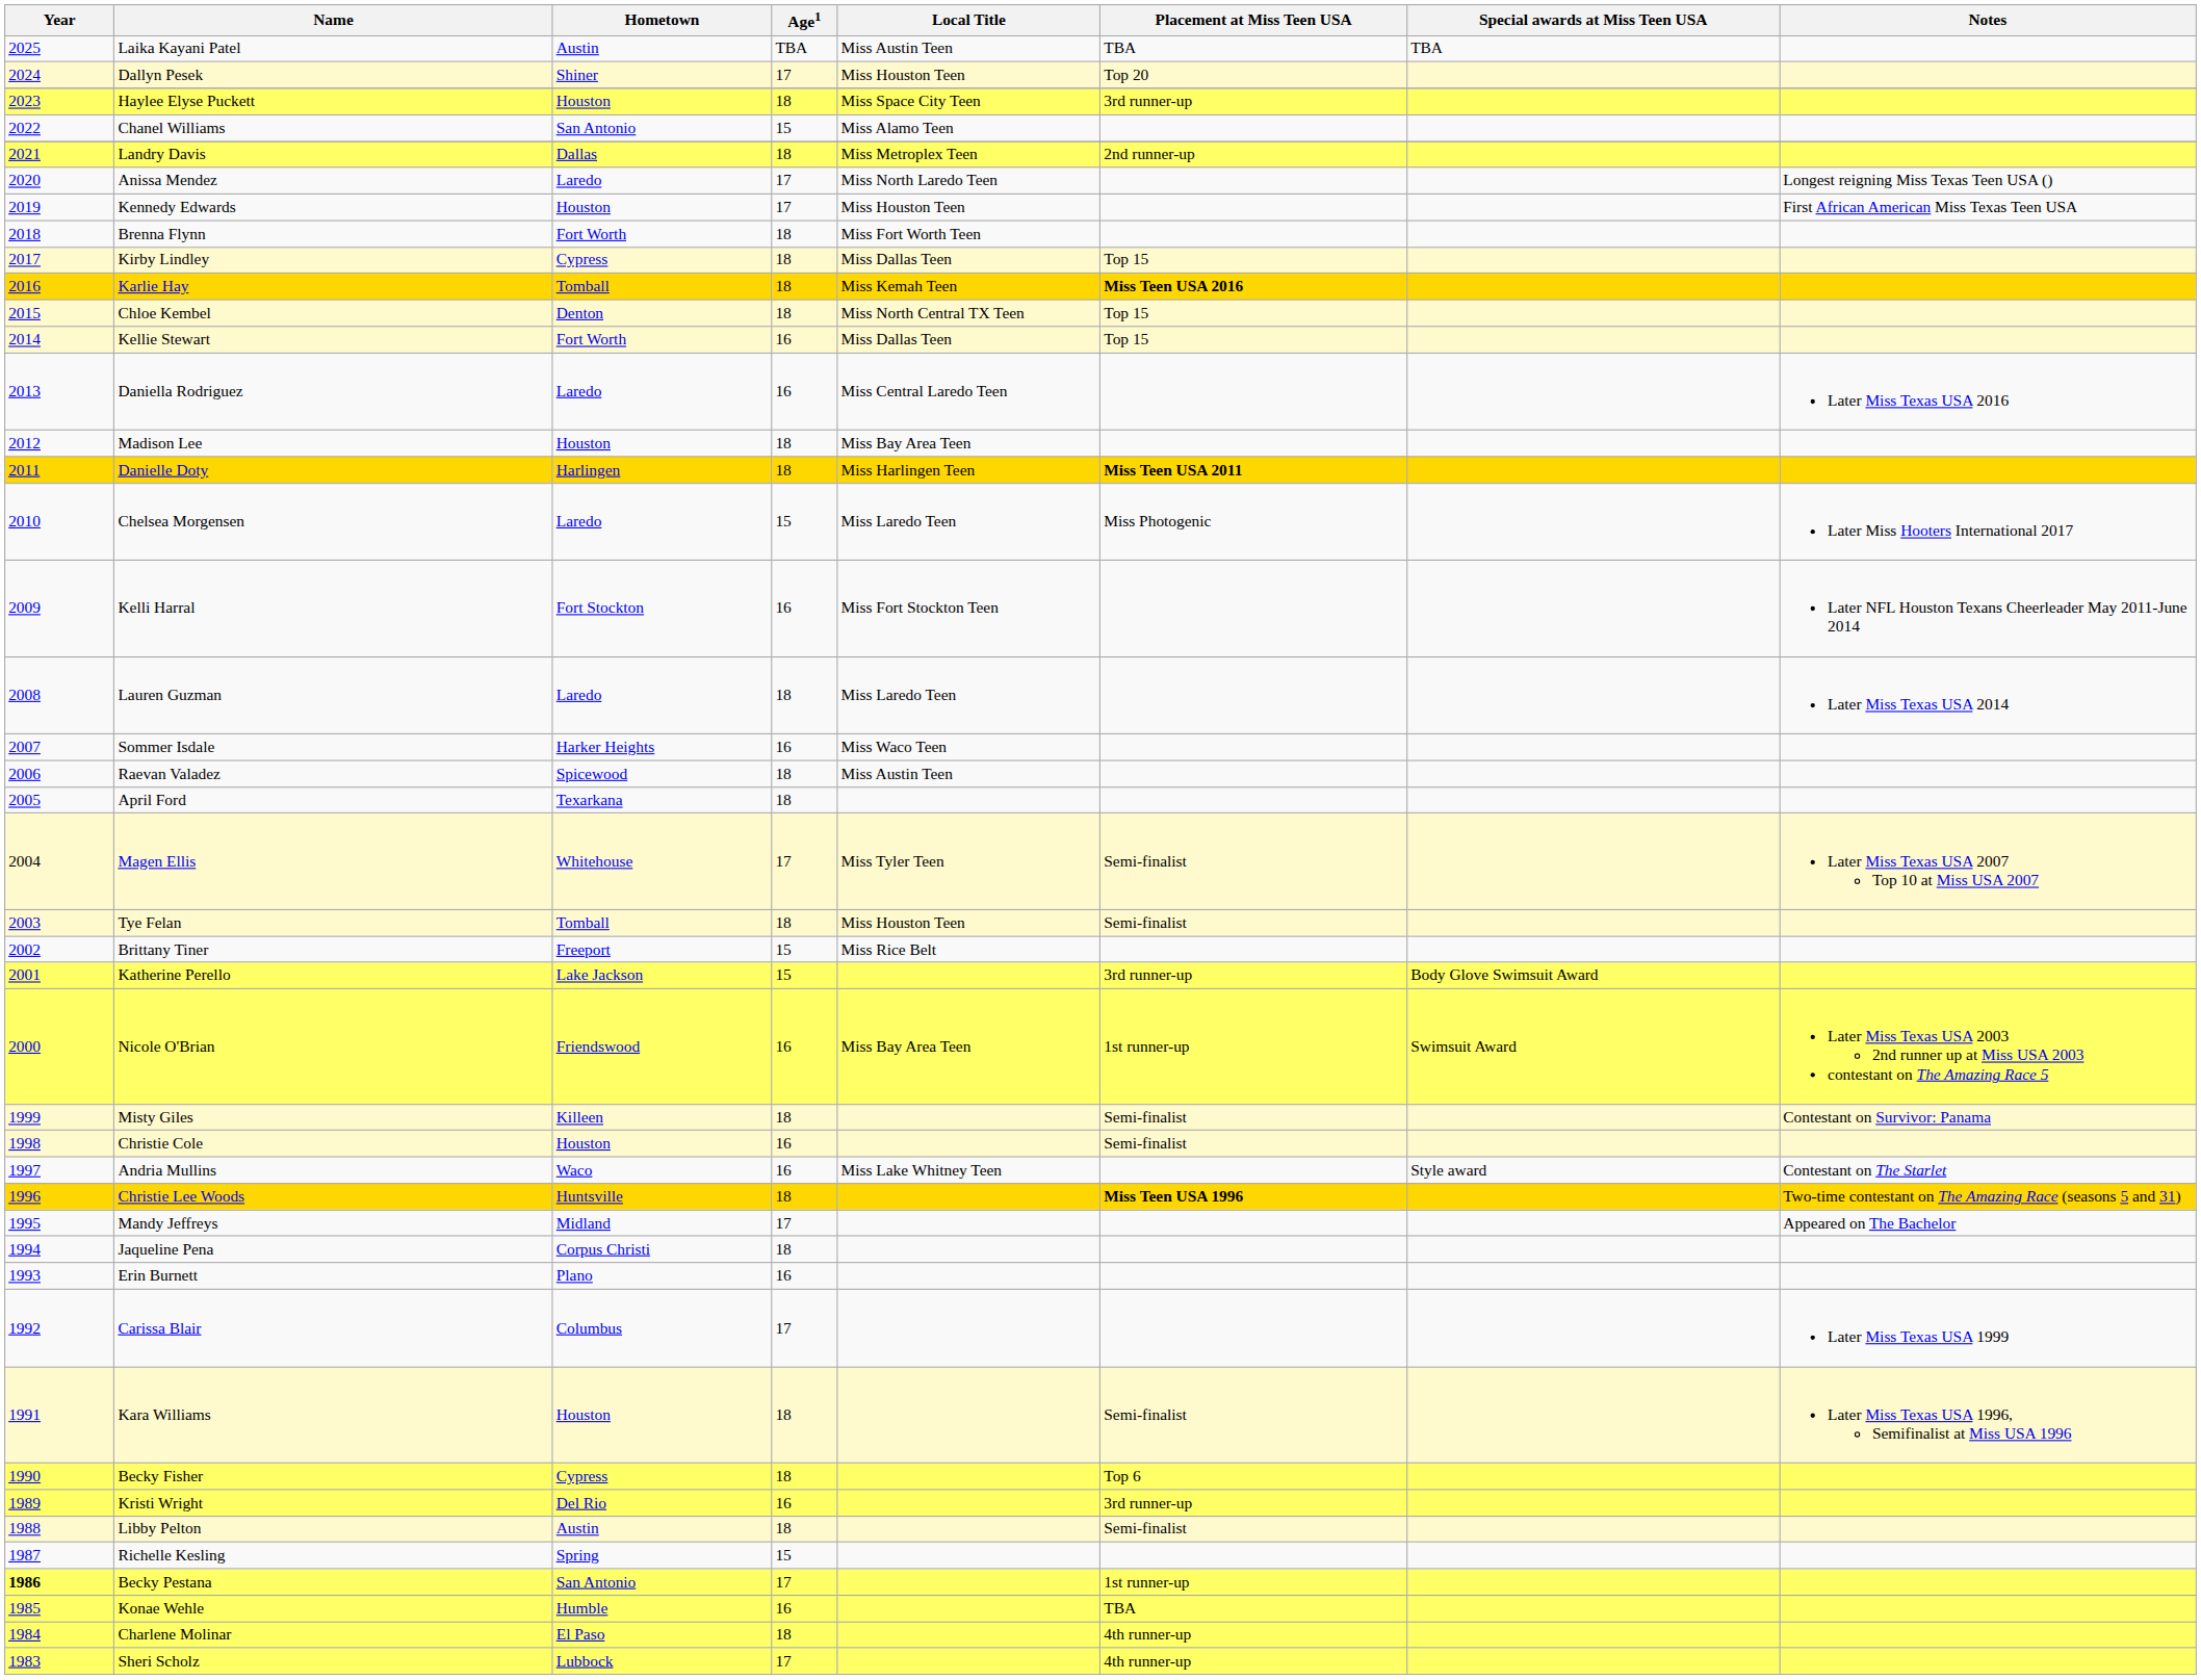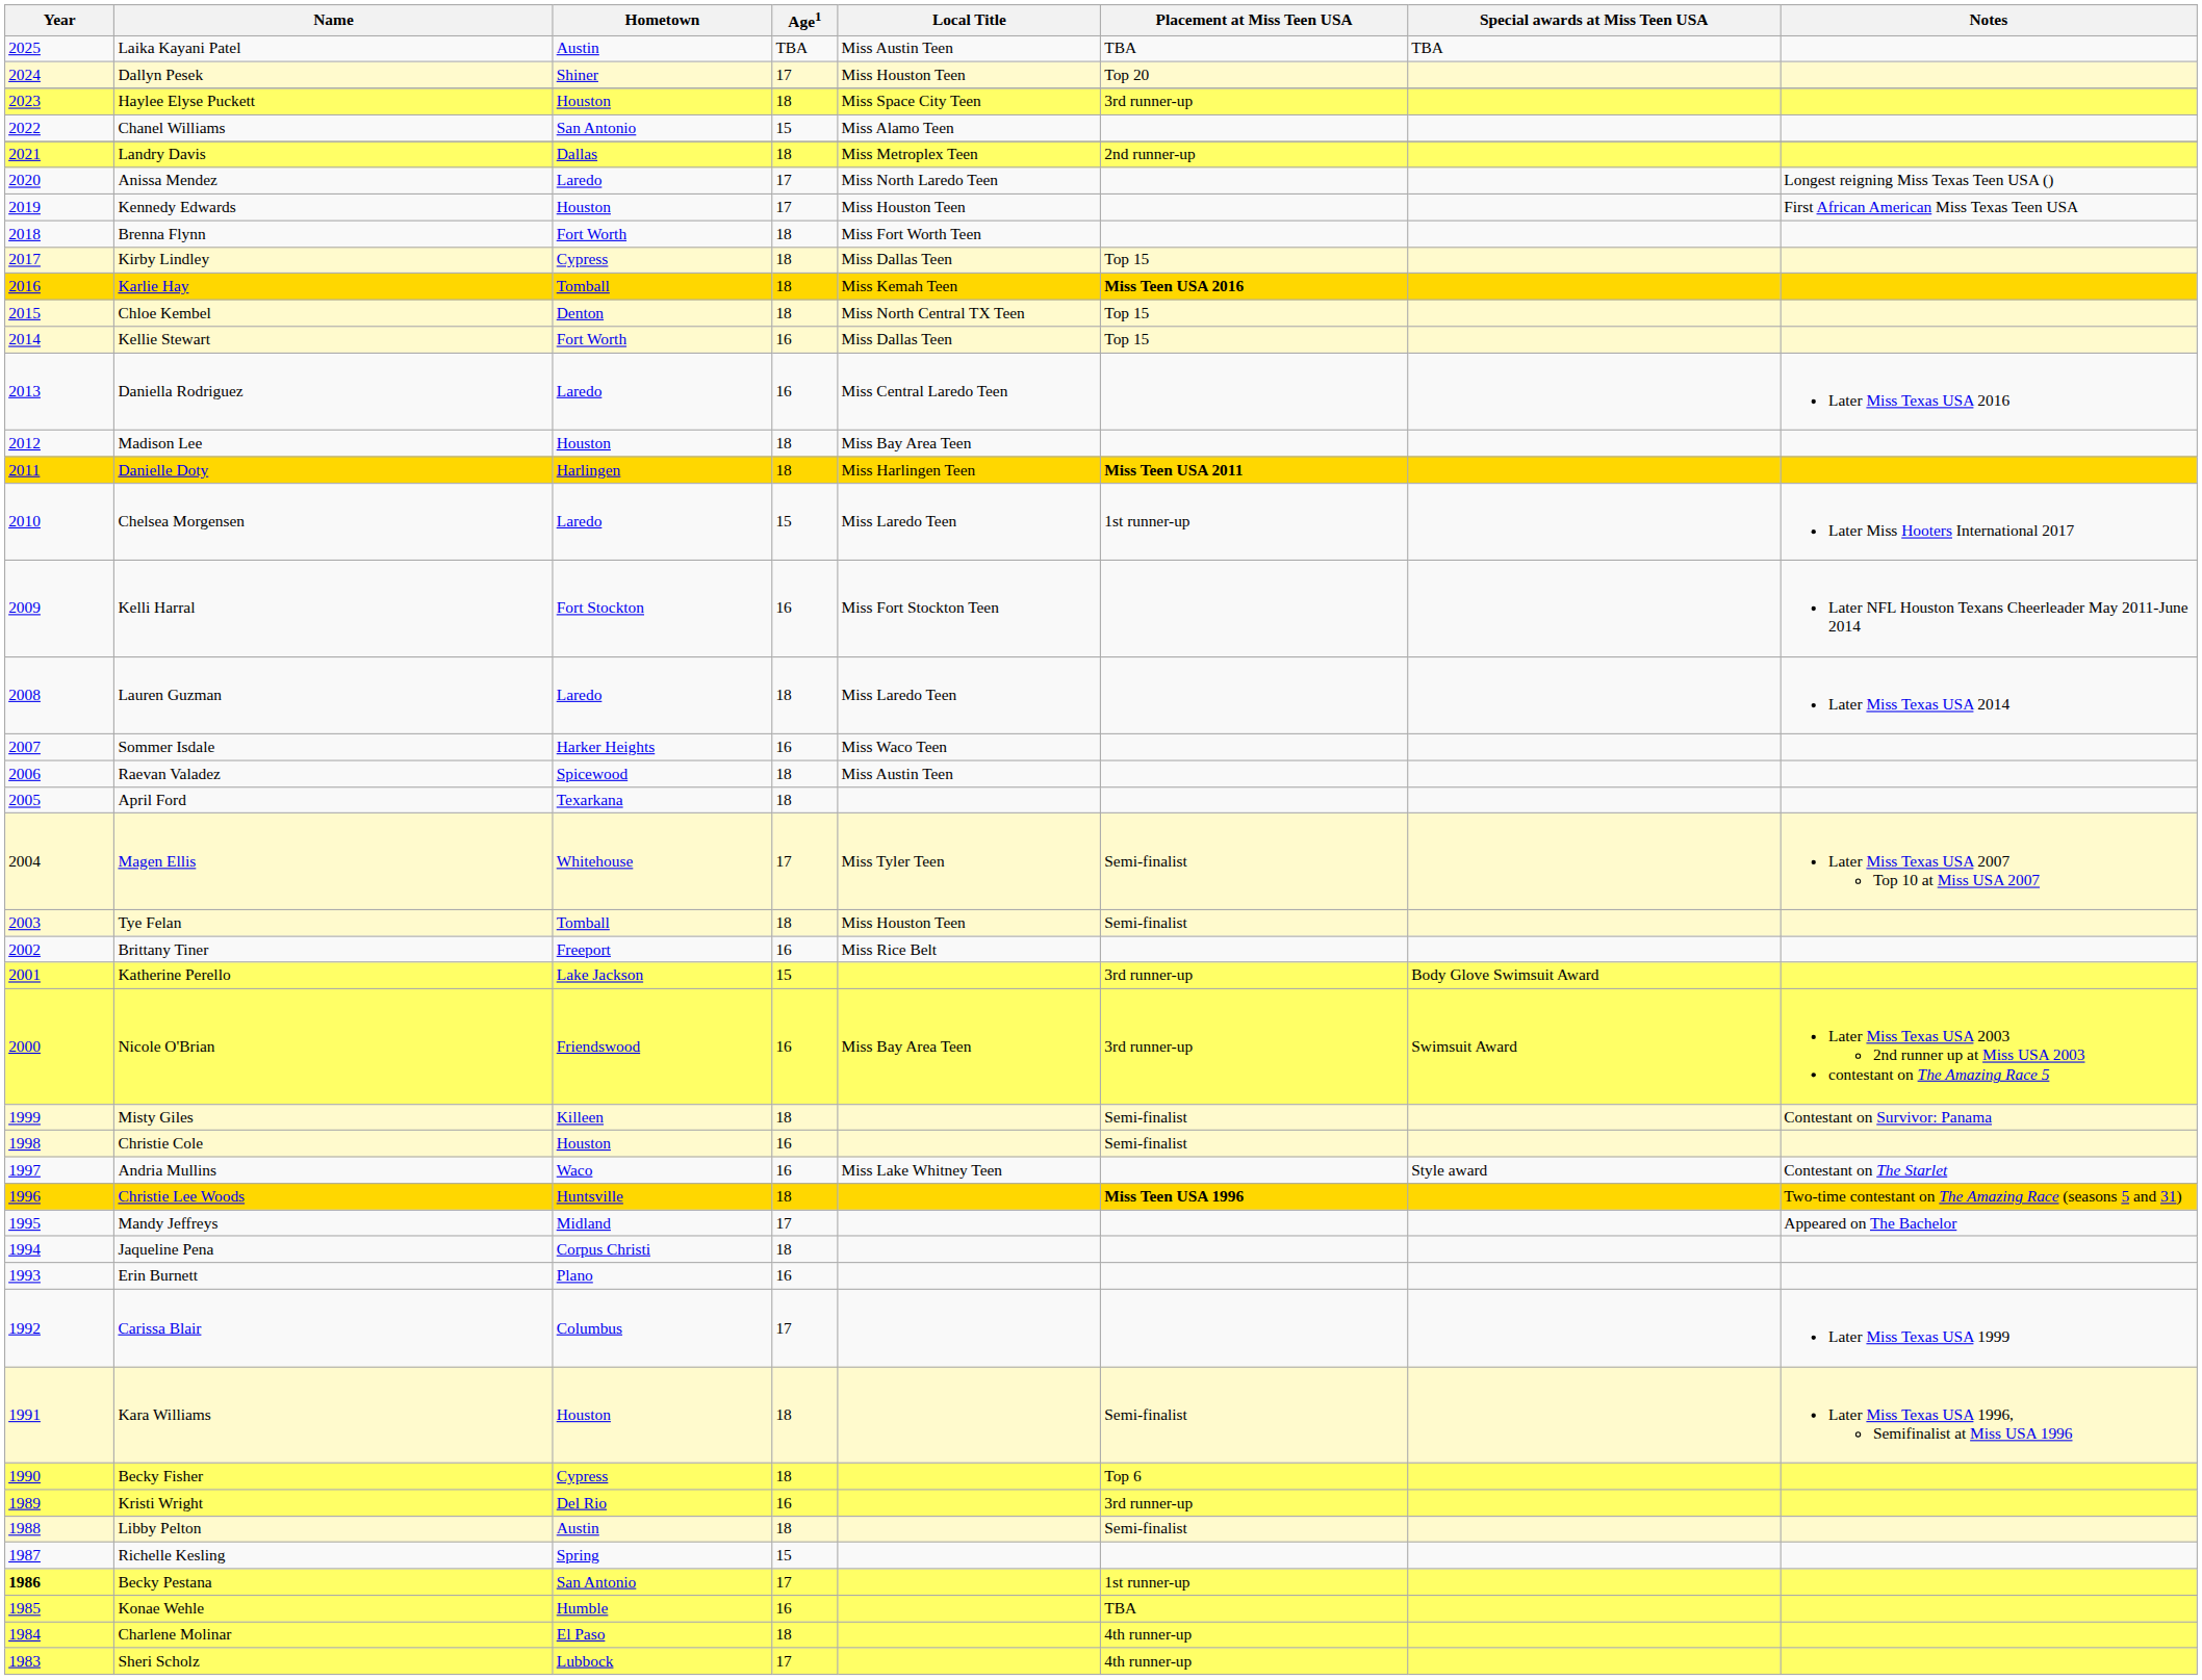 <table class="wikitable"style="font-size:90%;">
 <tr bgcolor="#efefef">
 <th width=5%>Year</th>
 <th width=20%>Name</th>
 <th width=10%>Hometown</th>
 <th width=3%>Age<sup>1</sup></th>
 <th width=12%>Local Title</th>
 <th width=14%>Placement at Miss Teen USA</th>
 <th width=17%>Special awards at Miss Teen  USA</th>
 <th width=31%>Notes</th>
 </tr>
 <tr>
 <td><a href='#'>2025</a></td>
 <td>Laika Kayani Patel</td>
 <td><a href='#'>Austin</a></td>
 <td>TBA</td>
 <td>Miss Austin Teen</td>
 <td>TBA</td>
 <td>TBA</td>
 <td></td>
 </tr>
 <tr style="background-color:#FFFACD;”">
 <td><a href='#'>2024</a></td>
 <td>Dallyn Pesek</td>
 <td><a href='#'>Shiner</a></td>
 <td>17</td>
 <td>Miss Houston Teen</td>
 <td>Top 20</td>
 <td></td>
 <td></td>
 </tr>
 <tr>
 </tr>
 <tr style="background-color:#FFFF66">
 <td><a href='#'>2023</a></td>
 <td>Haylee Elyse Puckett</td>
 <td><a href='#'>Houston</a></td>
 <td>18</td>
 <td>Miss Space City Teen</td>
 <td>3rd runner-up</td>
 <td></td>
 <td></td>
 </tr>
 <tr>
 <td><a href='#'>2022</a></td>
 <td>Chanel Williams</td>
 <td><a href='#'>San Antonio</a></td>
 <td>15</td>
 <td>Miss Alamo Teen</td>
 <td></td>
 <td></td>
 <td></td>
 </tr>
 <tr>
 </tr>
 <tr style="background-color:#FFFF66">
 <td><a href='#'>2021</a></td>
 <td>Landry Davis</td>
 <td><a href='#'>Dallas</a></td>
 <td>18</td>
 <td>Miss Metroplex Teen</td>
 <td>2nd runner-up</td>
 <td></td>
 <td></td>
 </tr>
 <tr>
 <td><a href='#'>2020</a></td>
 <td>Anissa Mendez</td>
 <td><a href='#'>Laredo</a></td>
 <td>17</td>
 <td>Miss North Laredo Teen</td>
 <td></td>
 <td></td>
 <td>Longest reigning Miss Texas Teen USA ()</td>
 </tr>
 <tr>
 <td><a href='#'>2019</a></td>
 <td>Kennedy Edwards</td>
 <td><a href='#'>Houston</a></td>
 <td>17</td>
 <td>Miss Houston Teen</td>
 <td></td>
 <td></td>
 <td>First <a href='#'>African American</a> Miss Texas Teen USA</td>
 </tr>
 <tr>
 <td><a href='#'>2018</a></td>
 <td>Brenna Flynn</td>
 <td><a href='#'>Fort Worth</a></td>
 <td>18</td>
 <td>Miss Fort Worth Teen</td>
 <td></td>
 <td></td>
 <td></td>
 </tr>
 <tr style="background-color:#FFFACD;”">
 <td><a href='#'>2017</a></td>
 <td>Kirby Lindley</td>
 <td><a href='#'>Cypress</a></td>
 <td>18</td>
 <td>Miss Dallas Teen</td>
 <td>Top 15</td>
 <td></td>
 <td></td>
 </tr>
 <tr style="background-color:GOLD;">
 <td><a href='#'>2016</a></td>
 <td><a href='#'>Karlie Hay</a></td>
 <td><a href='#'>Tomball</a></td>
 <td>18</td>
 <td>Miss Kemah Teen</td>
 <td><strong>Miss Teen USA 2016</strong></td>
 <td></td>
 <td></td>
 </tr>
 <tr style="background-color:#FFFACD;”">
 <td><a href='#'>2015</a></td>
 <td>Chloe Kembel</td>
 <td><a href='#'>Denton</a></td>
 <td>18</td>
 <td>Miss North Central TX Teen</td>
 <td>Top 15</td>
 <td></td>
 <td></td>
 </tr>
 <tr style="background-color:#FFFACD;”">
 <td><a href='#'>2014</a></td>
 <td>Kellie Stewart</td>
 <td><a href='#'>Fort Worth</a></td>
 <td>16</td>
 <td>Miss Dallas Teen</td>
 <td>Top 15</td>
 <td></td>
 <td></td>
 </tr>
 <tr>
 <td><a href='#'>2013</a></td>
 <td>Daniella Rodriguez</td>
 <td><a href='#'>Laredo</a></td>
 <td>16</td>
 <td>Miss Central Laredo Teen</td>
 <td></td>
 <td></td>
 <td><br><ul><li>Later <a href='#'>Miss Texas USA</a> 2016</li></ul></td>
 </tr>
 <tr>
 <td><a href='#'>2012</a></td>
 <td>Madison Lee</td>
 <td><a href='#'>Houston</a></td>
 <td>18</td>
 <td>Miss Bay Area Teen</td>
 <td></td>
 <td></td>
 <td></td>
 </tr>
 <tr style="background-color:GOLD;">
 <td><a href='#'>2011</a></td>
 <td><a href='#'>Danielle Doty</a></td>
 <td><a href='#'>Harlingen</a></td>
 <td>18</td>
 <td>Miss Harlingen Teen</td>
 <td><strong>Miss Teen USA 2011</strong></td>
 <td></td>
 <td></td>
 </tr>
 <tr>
 <td><a href='#'>2010</a></td>
 <td>Chelsea Morgensen</td>
 <td><a href='#'>Laredo</a></td>
 <td>15</td>
 <td>Miss Laredo Teen</td>
-<td>Miss Photogenic</td>
+<td>1st runner-up</td>
 <td></td>
 <td><br><ul><li>Later Miss <a href='#'>Hooters</a> International 2017</li></ul></td>
 </tr>
 <tr>
 <td><a href='#'>2009</a></td>
 <td>Kelli Harral</td>
 <td><a href='#'>Fort Stockton</a></td>
 <td>16</td>
 <td>Miss Fort Stockton Teen</td>
 <td></td>
 <td></td>
 <td><br><ul><li>Later NFL Houston Texans Cheerleader May 2011-June 2014</li></ul></td>
 </tr>
 <tr>
 <td><a href='#'>2008</a></td>
 <td>Lauren Guzman</td>
 <td><a href='#'>Laredo</a></td>
 <td>18</td>
 <td>Miss Laredo Teen</td>
 <td></td>
 <td></td>
 <td><br><ul><li>Later <a href='#'>Miss Texas USA</a> 2014</li></ul></td>
 </tr>
 <tr>
 <td><a href='#'>2007</a></td>
 <td>Sommer Isdale</td>
 <td><a href='#'>Harker Heights</a></td>
 <td>16</td>
 <td>Miss Waco Teen</td>
 <td></td>
 <td></td>
 <td></td>
 </tr>
 <tr>
 <td><a href='#'>2006</a></td>
 <td>Raevan Valadez</td>
 <td><a href='#'>Spicewood</a></td>
 <td>18</td>
 <td>Miss Austin Teen</td>
 <td></td>
 <td></td>
 <td></td>
 </tr>
 <tr>
 <td><a href='#'>2005</a></td>
 <td>April Ford</td>
 <td><a href='#'>Texarkana</a></td>
 <td>18</td>
 <td></td>
 <td></td>
 <td></td>
 <td></td>
 </tr>
 <tr style="background-color:#FFFACD;”">
 <td>2004</td>
 <td><a href='#'>Magen Ellis</a></td>
 <td><a href='#'>Whitehouse</a></td>
 <td>17</td>
 <td>Miss Tyler Teen</td>
 <td>Semi-finalist</td>
 <td></td>
 <td><br><ul><li>Later <a href='#'>Miss Texas USA</a> 2007<ul><li>Top 10 at <a href='#'>Miss USA 2007</a></li></ul></li></ul></td>
 </tr>
 <tr style="background-color:#FFFACD;”">
 <td><a href='#'>2003</a></td>
 <td>Tye Felan</td>
 <td><a href='#'>Tomball</a></td>
 <td>18</td>
 <td>Miss Houston Teen</td>
 <td>Semi-finalist</td>
 <td></td>
 <td></td>
 </tr>
 <tr>
 <td><a href='#'>2002</a></td>
 <td>Brittany Tiner</td>
 <td><a href='#'>Freeport</a></td>
-<td>15</td>
+<td>16</td>
 <td>Miss Rice Belt</td>
 <td></td>
 <td></td>
 <td></td>
 </tr>
 <tr style="background-color:#FFFF66;”">
 <td><a href='#'>2001</a></td>
 <td>Katherine Perello</td>
 <td><a href='#'>Lake Jackson</a></td>
 <td>15</td>
 <td></td>
 <td>3rd runner-up</td>
 <td>Body Glove Swimsuit Award</td>
 <td></td>
 </tr>
 <tr style="background-color:#FFFF66;”">
 <td><a href='#'>2000</a></td>
 <td>Nicole O'Brian</td>
 <td><a href='#'>Friendswood</a></td>
 <td>16</td>
 <td>Miss Bay Area Teen</td>
-<td>1st runner-up</td>
+<td>3rd runner-up</td>
 <td>Swimsuit Award</td>
 <td><br><ul><li>Later <a href='#'>Miss Texas USA</a> 2003<ul><li>2nd runner up at <a href='#'>Miss USA 2003</a></li></ul></li><li>contestant on <em><a href='#'>The Amazing Race 5</a></em></li></ul></td>
 </tr>
 <tr style="background-color:#FFFACD;”">
 <td><a href='#'>1999</a></td>
 <td>Misty Giles</td>
 <td><a href='#'>Killeen</a></td>
 <td>18</td>
 <td></td>
 <td>Semi-finalist</td>
 <td></td>
 <td>Contestant on <a href='#'>Survivor: Panama</a></td>
 </tr>
 <tr style="background-color:#FFFACD;”">
 <td><a href='#'>1998</a></td>
 <td>Christie Cole</td>
 <td><a href='#'>Houston</a></td>
 <td>16</td>
 <td></td>
 <td>Semi-finalist</td>
 <td></td>
 <td></td>
 </tr>
 <tr>
 <td><a href='#'>1997</a></td>
 <td>Andria Mullins</td>
 <td><a href='#'>Waco</a></td>
 <td>16</td>
 <td>Miss Lake Whitney Teen</td>
 <td></td>
 <td>Style award</td>
 <td>Contestant on <em><a href='#'>The Starlet</a></em></td>
 </tr>
 <tr style="background-color:GOLD;">
 <td><a href='#'>1996</a></td>
 <td><a href='#'>Christie Lee Woods</a></td>
 <td><a href='#'>Huntsville</a></td>
 <td>18</td>
 <td></td>
 <td><strong>Miss Teen USA 1996</strong></td>
 <td></td>
 <td>Two-time contestant on <em><a href='#'>The Amazing Race</a></em> (seasons <a href='#'>5</a> and <a href='#'>31</a>)</td>
 </tr>
 <tr>
 <td><a href='#'>1995</a></td>
 <td>Mandy Jeffreys</td>
 <td><a href='#'>Midland</a></td>
 <td>17</td>
 <td></td>
 <td></td>
 <td></td>
 <td>Appeared on <a href='#'>The Bachelor</a></td>
 </tr>
 <tr>
 <td><a href='#'>1994</a></td>
 <td>Jaqueline Pena</td>
 <td><a href='#'>Corpus Christi</a></td>
 <td>18</td>
 <td></td>
 <td></td>
 <td></td>
 <td></td>
 </tr>
 <tr>
 <td><a href='#'>1993</a></td>
 <td>Erin Burnett</td>
 <td><a href='#'>Plano</a></td>
 <td>16</td>
 <td></td>
 <td></td>
 <td></td>
 <td></td>
 </tr>
 <tr>
 <td><a href='#'>1992</a></td>
 <td><a href='#'>Carissa Blair</a></td>
 <td><a href='#'>Columbus</a></td>
 <td>17</td>
 <td></td>
 <td></td>
 <td></td>
 <td><br><ul><li>Later <a href='#'>Miss Texas USA</a> 1999</li></ul></td>
 </tr>
 <tr style="background-color:#FFFACD;”">
 <td><a href='#'>1991</a></td>
 <td>Kara Williams</td>
 <td><a href='#'>Houston</a></td>
 <td>18</td>
 <td></td>
 <td>Semi-finalist</td>
 <td></td>
 <td><br><ul><li>Later <a href='#'>Miss Texas USA</a> 1996,<ul><li>Semifinalist at <a href='#'>Miss USA 1996</a></li></ul></li></ul></td>
 </tr>
 <tr style="background-color:#FFFF66;”">
 <td><a href='#'>1990</a></td>
 <td>Becky Fisher</td>
 <td><a href='#'>Cypress</a></td>
 <td>18</td>
 <td></td>
 <td>Top 6</td>
 <td></td>
 <td></td>
 </tr>
 <tr style="background-color:#FFFF66;”">
 <td><a href='#'>1989</a></td>
 <td>Kristi Wright</td>
 <td><a href='#'>Del Rio</a></td>
 <td>16</td>
 <td></td>
 <td>3rd runner-up</td>
 <td></td>
 <td></td>
 </tr>
 <tr style="background-color:#FFFACD;”">
 <td><a href='#'>1988</a></td>
 <td>Libby Pelton</td>
 <td><a href='#'>Austin</a></td>
 <td>18</td>
 <td></td>
 <td>Semi-finalist</td>
 <td></td>
 <td></td>
 </tr>
 <tr>
 <td><a href='#'>1987</a></td>
 <td>Richelle Kesling</td>
 <td><a href='#'>Spring</a></td>
 <td>15</td>
 <td></td>
 <td></td>
 <td></td>
 <td></td>
 </tr>
 <tr style="background-color:#FFFF66;”">
 <td><strong>1986</strong></td>
 <td>Becky Pestana</td>
 <td><a href='#'>San Antonio</a></td>
 <td>17</td>
 <td></td>
 <td>1st runner-up</td>
 <td></td>
 <td></td>
 </tr>
 <tr style="background-color:#FFFF66;”">
 <td><a href='#'>1985</a></td>
 <td>Konae Wehle</td>
 <td><a href='#'>Humble</a></td>
 <td>16</td>
 <td></td>
 <td>TBA</td>
 <td></td>
 <td></td>
 </tr>
 <tr style="background-color:#FFFF66;”">
 <td><a href='#'>1984</a></td>
 <td>Charlene Molinar</td>
 <td><a href='#'>El Paso</a></td>
 <td>18</td>
 <td></td>
 <td>4th runner-up</td>
 <td></td>
 <td></td>
 </tr>
 <tr style="background-color:#FFFF66;”">
 <td><a href='#'>1983</a></td>
 <td>Sheri Scholz</td>
 <td><a href='#'>Lubbock</a></td>
 <td>17</td>
 <td></td>
 <td>4th runner-up</td>
 <td></td>
 <td></td>
 </tr>
 </table>
